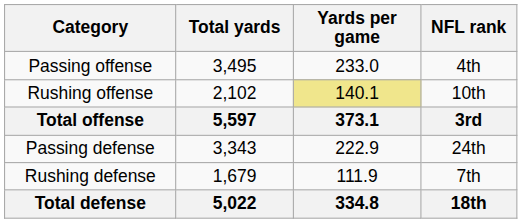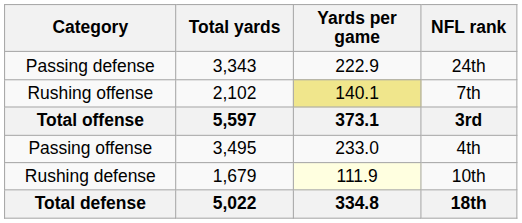 <table class="wikitable" style="text-align:center">
 <tr>
 <th width="150">Category</th>
 <th width="100">Total yards</th>
 <th width="110">Yards per game</th>
 <th width="80">NFL rank<br></th>
 </tr>
 <tr>
-<td>Passing offense</td>
-<td>3,495</td>
-<td>233.0</td>
-<td>4th</td>
+<td>Passing defense</td>
+<td>3,343</td>
+<td>222.9</td>
+<td>24th</td>
 </tr>
 <tr>
 <td>Rushing offense</td>
 <td>2,102</td>
 <td style="background: khaki;">140.1</td>
-<td>10th</td>
+<td>7th</td>
 </tr>
 <tr>
 <th>Total offense</th>
 <th>5,597</th>
 <th>373.1</th>
 <th>3rd</th>
 </tr>
 <tr>
-<td>Passing defense</td>
-<td>3,343</td>
-<td>222.9</td>
-<td>24th</td>
+<td>Passing offense</td>
+<td>3,495</td>
+<td>233.0</td>
+<td>4th</td>
 </tr>
 <tr>
 <td>Rushing defense</td>
 <td>1,679</td>
-<td>111.9</td>
-<td>7th</td>
+<td style="background: lightyellow;">111.9</td>
+<td>10th</td>
 </tr>
 <tr>
 <th>Total defense</th>
 <th>5,022</th>
 <th>334.8</th>
 <th>18th</th>
 </tr>
 </table>
